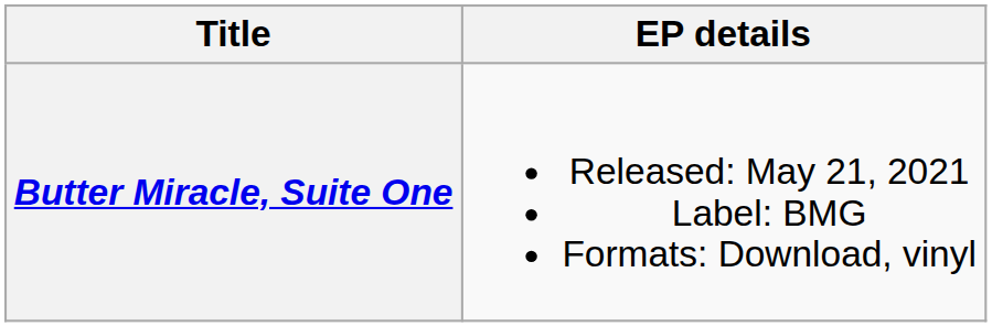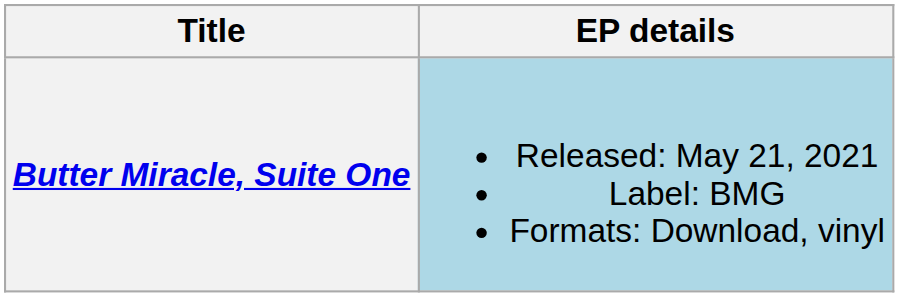 <table class="wikitable plainrowheaders" style="text-align:center;">
 <tr>
 <th scope="col">Title</th>
 <th scope="col">EP details</th>
 </tr>
 <tr>
 <th scope="row"><em><a href='#'>Butter Miracle, Suite One</a></em></th>
-<td><br><ul><li>Released: May 21, 2021</li><li>Label: BMG</li><li>Formats: Download, vinyl</li></ul></td>
+<td style="background: lightblue;"><br><ul><li>Released: May 21, 2021</li><li>Label: BMG</li><li>Formats: Download, vinyl</li></ul></td>
 </tr>
 </table>
